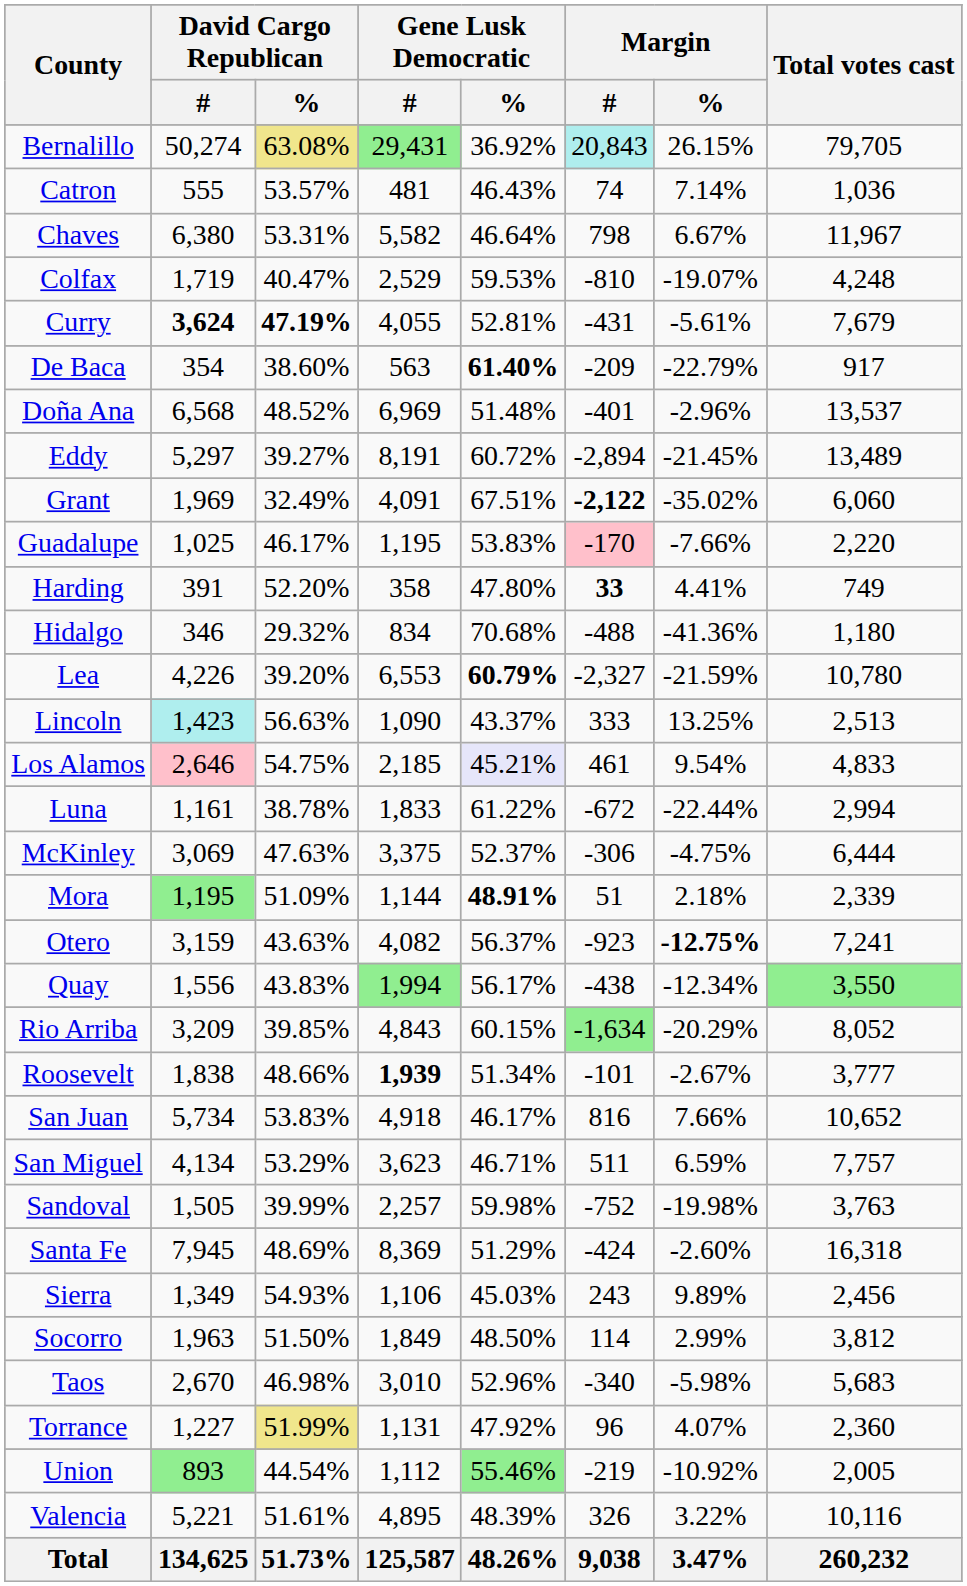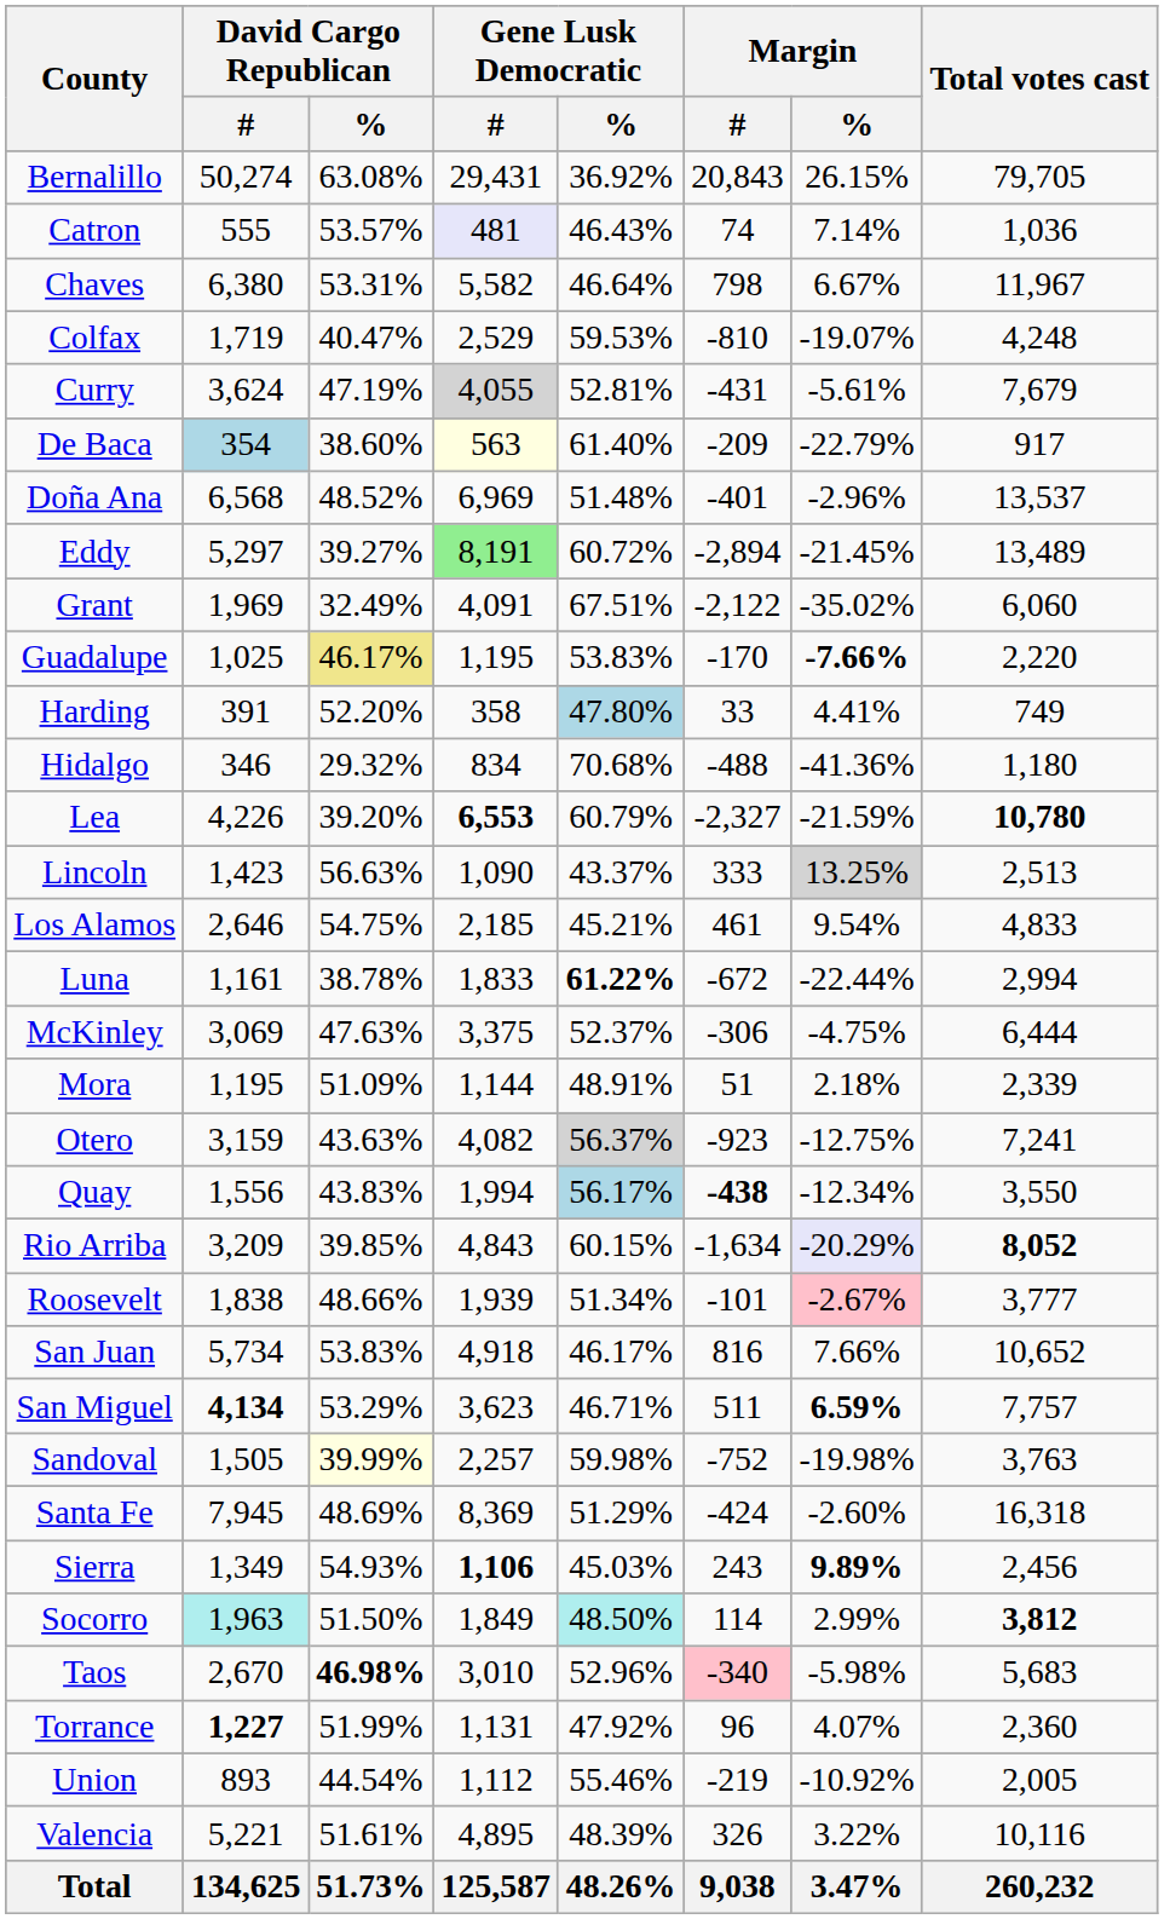 <table class="wikitable sortable" style="text-align:center">
 <tr>
 <th style="text-align:center;" rowspan="2">County</th>
 <th style="text-align:center;" colspan="2">David Cargo<br>Republican</th>
 <th style="text-align:center;" colspan="2">Gene Lusk<br>Democratic</th>
 <th style="text-align:center;" colspan="2">Margin</th>
 <th style="text-align:center;" rowspan="2">Total votes cast</th>
 </tr>
 <tr>
 <th style="text-align:center;" data-sort-type="number">#</th>
 <th style="text-align:center;" data-sort-type="number">%</th>
 <th style="text-align:center;" data-sort-type="number">#</th>
 <th style="text-align:center;" data-sort-type="number">%</th>
 <th style="text-align:center;" data-sort-type="number">#</th>
 <th style="text-align:center;" data-sort-type="number">%</th>
 </tr>
 <tr style="text-align:center;">
 <td><a href='#'>Bernalillo</a></td>
 <td>50,274</td>
-<td style="background: khaki;">63.08%</td>
-<td style="background: lightgreen;">29,431</td>
+<td>63.08%</td>
+<td>29,431</td>
 <td>36.92%</td>
-<td style="background: paleturquoise;">20,843</td>
+<td>20,843</td>
 <td>26.15%</td>
 <td>79,705</td>
 </tr>
 <tr style="text-align:center;">
 <td><a href='#'>Catron</a></td>
 <td>555</td>
 <td>53.57%</td>
-<td>481</td>
+<td style="background: lavender;">481</td>
 <td>46.43%</td>
 <td>74</td>
 <td>7.14%</td>
 <td>1,036</td>
 </tr>
 <tr style="text-align:center;">
 <td><a href='#'>Chaves</a></td>
 <td>6,380</td>
 <td>53.31%</td>
 <td>5,582</td>
 <td>46.64%</td>
 <td>798</td>
 <td>6.67%</td>
 <td>11,967</td>
 </tr>
 <tr style="text-align:center;">
 <td><a href='#'>Colfax</a></td>
 <td>1,719</td>
 <td>40.47%</td>
 <td>2,529</td>
 <td>59.53%</td>
 <td>-810</td>
 <td>-19.07%</td>
 <td>4,248</td>
 </tr>
 <tr style="text-align:center;">
 <td><a href='#'>Curry</a></td>
-<td><strong>3,624</strong></td>
-<td><strong>47.19%</strong></td>
-<td>4,055</td>
+<td>3,624</td>
+<td>47.19%</td>
+<td style="background: lightgrey;">4,055</td>
 <td>52.81%</td>
 <td>-431</td>
 <td>-5.61%</td>
 <td>7,679</td>
 </tr>
 <tr style="text-align:center;">
 <td><a href='#'>De Baca</a></td>
-<td>354</td>
+<td style="background: lightblue;">354</td>
 <td>38.60%</td>
-<td>563</td>
-<td><strong>61.40%</strong></td>
+<td style="background: lightyellow;">563</td>
+<td>61.40%</td>
 <td>-209</td>
 <td>-22.79%</td>
 <td>917</td>
 </tr>
 <tr style="text-align:center;">
 <td><a href='#'>Doña Ana</a></td>
 <td>6,568</td>
 <td>48.52%</td>
 <td>6,969</td>
 <td>51.48%</td>
 <td>-401</td>
 <td>-2.96%</td>
 <td>13,537</td>
 </tr>
 <tr style="text-align:center;">
 <td><a href='#'>Eddy</a></td>
 <td>5,297</td>
 <td>39.27%</td>
-<td>8,191</td>
+<td style="background: lightgreen;">8,191</td>
 <td>60.72%</td>
 <td>-2,894</td>
 <td>-21.45%</td>
 <td>13,489</td>
 </tr>
 <tr style="text-align:center;">
 <td><a href='#'>Grant</a></td>
 <td>1,969</td>
 <td>32.49%</td>
 <td>4,091</td>
 <td>67.51%</td>
-<td><strong>-2,122</strong></td>
+<td>-2,122</td>
 <td>-35.02%</td>
 <td>6,060</td>
 </tr>
 <tr style="text-align:center;">
 <td><a href='#'>Guadalupe</a></td>
 <td>1,025</td>
-<td>46.17%</td>
+<td style="background: khaki;">46.17%</td>
 <td>1,195</td>
 <td>53.83%</td>
-<td style="background: pink;">-170</td>
-<td>-7.66%</td>
+<td>-170</td>
+<td><strong>-7.66%</strong></td>
 <td>2,220</td>
 </tr>
 <tr style="text-align:center;">
 <td><a href='#'>Harding</a></td>
 <td>391</td>
 <td>52.20%</td>
 <td>358</td>
-<td>47.80%</td>
-<td><strong>33</strong></td>
+<td style="background: lightblue;">47.80%</td>
+<td>33</td>
 <td>4.41%</td>
 <td>749</td>
 </tr>
 <tr style="text-align:center;">
 <td><a href='#'>Hidalgo</a></td>
 <td>346</td>
 <td>29.32%</td>
 <td>834</td>
 <td>70.68%</td>
 <td>-488</td>
 <td>-41.36%</td>
 <td>1,180</td>
 </tr>
 <tr style="text-align:center;">
 <td><a href='#'>Lea</a></td>
 <td>4,226</td>
 <td>39.20%</td>
-<td>6,553</td>
-<td><strong>60.79%</strong></td>
+<td><strong>6,553</strong></td>
+<td>60.79%</td>
 <td>-2,327</td>
 <td>-21.59%</td>
-<td>10,780</td>
+<td><strong>10,780</strong></td>
 </tr>
 <tr style="text-align:center;">
 <td><a href='#'>Lincoln</a></td>
-<td style="background: paleturquoise;">1,423</td>
+<td>1,423</td>
 <td>56.63%</td>
 <td>1,090</td>
 <td>43.37%</td>
 <td>333</td>
-<td>13.25%</td>
+<td style="background: lightgrey;">13.25%</td>
 <td>2,513</td>
 </tr>
 <tr style="text-align:center;">
 <td><a href='#'>Los Alamos</a></td>
-<td style="background: pink;">2,646</td>
+<td>2,646</td>
 <td>54.75%</td>
 <td>2,185</td>
-<td style="background: lavender;">45.21%</td>
+<td>45.21%</td>
 <td>461</td>
 <td>9.54%</td>
 <td>4,833</td>
 </tr>
 <tr style="text-align:center;">
 <td><a href='#'>Luna</a></td>
 <td>1,161</td>
 <td>38.78%</td>
 <td>1,833</td>
-<td>61.22%</td>
+<td><strong>61.22%</strong></td>
 <td>-672</td>
 <td>-22.44%</td>
 <td>2,994</td>
 </tr>
 <tr style="text-align:center;">
 <td><a href='#'>McKinley</a></td>
 <td>3,069</td>
 <td>47.63%</td>
 <td>3,375</td>
 <td>52.37%</td>
 <td>-306</td>
 <td>-4.75%</td>
 <td>6,444</td>
 </tr>
 <tr style="text-align:center;">
 <td><a href='#'>Mora</a></td>
-<td style="background: lightgreen;">1,195</td>
+<td>1,195</td>
 <td>51.09%</td>
 <td>1,144</td>
-<td><strong>48.91%</strong></td>
+<td>48.91%</td>
 <td>51</td>
 <td>2.18%</td>
 <td>2,339</td>
 </tr>
 <tr style="text-align:center;">
 <td><a href='#'>Otero</a></td>
 <td>3,159</td>
 <td>43.63%</td>
 <td>4,082</td>
-<td>56.37%</td>
+<td style="background: lightgrey;">56.37%</td>
 <td>-923</td>
-<td><strong>-12.75%</strong></td>
+<td>-12.75%</td>
 <td>7,241</td>
 </tr>
 <tr style="text-align:center;">
 <td><a href='#'>Quay</a></td>
 <td>1,556</td>
 <td>43.83%</td>
-<td style="background: lightgreen;">1,994</td>
-<td>56.17%</td>
-<td>-438</td>
+<td>1,994</td>
+<td style="background: lightblue;">56.17%</td>
+<td><strong>-438</strong></td>
 <td>-12.34%</td>
-<td style="background: lightgreen;">3,550</td>
+<td>3,550</td>
 </tr>
 <tr style="text-align:center;">
 <td><a href='#'>Rio Arriba</a></td>
 <td>3,209</td>
 <td>39.85%</td>
 <td>4,843</td>
 <td>60.15%</td>
-<td style="background: lightgreen;">-1,634</td>
-<td>-20.29%</td>
-<td>8,052</td>
+<td>-1,634</td>
+<td style="background: lavender;">-20.29%</td>
+<td><strong>8,052</strong></td>
 </tr>
 <tr style="text-align:center;">
 <td><a href='#'>Roosevelt</a></td>
 <td>1,838</td>
 <td>48.66%</td>
-<td><strong>1,939</strong></td>
+<td>1,939</td>
 <td>51.34%</td>
 <td>-101</td>
-<td>-2.67%</td>
+<td style="background: pink;">-2.67%</td>
 <td>3,777</td>
 </tr>
 <tr style="text-align:center;">
 <td><a href='#'>San Juan</a></td>
 <td>5,734</td>
 <td>53.83%</td>
 <td>4,918</td>
 <td>46.17%</td>
 <td>816</td>
 <td>7.66%</td>
 <td>10,652</td>
 </tr>
 <tr style="text-align:center;">
 <td><a href='#'>San Miguel</a></td>
-<td>4,134</td>
+<td><strong>4,134</strong></td>
 <td>53.29%</td>
 <td>3,623</td>
 <td>46.71%</td>
 <td>511</td>
-<td>6.59%</td>
+<td><strong>6.59%</strong></td>
 <td>7,757</td>
 </tr>
 <tr style="text-align:center;">
 <td><a href='#'>Sandoval</a></td>
 <td>1,505</td>
-<td>39.99%</td>
+<td style="background: lightyellow;">39.99%</td>
 <td>2,257</td>
 <td>59.98%</td>
 <td>-752</td>
 <td>-19.98%</td>
 <td>3,763</td>
 </tr>
 <tr style="text-align:center;">
 <td><a href='#'>Santa Fe</a></td>
 <td>7,945</td>
 <td>48.69%</td>
 <td>8,369</td>
 <td>51.29%</td>
 <td>-424</td>
 <td>-2.60%</td>
 <td>16,318</td>
 </tr>
 <tr style="text-align:center;">
 <td><a href='#'>Sierra</a></td>
 <td>1,349</td>
 <td>54.93%</td>
-<td>1,106</td>
+<td><strong>1,106</strong></td>
 <td>45.03%</td>
 <td>243</td>
-<td>9.89%</td>
+<td><strong>9.89%</strong></td>
 <td>2,456</td>
 </tr>
 <tr style="text-align:center;">
 <td><a href='#'>Socorro</a></td>
-<td>1,963</td>
+<td style="background: paleturquoise;">1,963</td>
 <td>51.50%</td>
 <td>1,849</td>
-<td>48.50%</td>
+<td style="background: paleturquoise;">48.50%</td>
 <td>114</td>
 <td>2.99%</td>
-<td>3,812</td>
+<td><strong>3,812</strong></td>
 </tr>
 <tr style="text-align:center;">
 <td><a href='#'>Taos</a></td>
 <td>2,670</td>
-<td>46.98%</td>
+<td><strong>46.98%</strong></td>
 <td>3,010</td>
 <td>52.96%</td>
-<td>-340</td>
+<td style="background: pink;">-340</td>
 <td>-5.98%</td>
 <td>5,683</td>
 </tr>
 <tr style="text-align:center;">
 <td><a href='#'>Torrance</a></td>
-<td>1,227</td>
-<td style="background: khaki;">51.99%</td>
+<td><strong>1,227</strong></td>
+<td>51.99%</td>
 <td>1,131</td>
 <td>47.92%</td>
 <td>96</td>
 <td>4.07%</td>
 <td>2,360</td>
 </tr>
 <tr style="text-align:center;">
 <td><a href='#'>Union</a></td>
-<td style="background: lightgreen;">893</td>
+<td>893</td>
 <td>44.54%</td>
 <td>1,112</td>
-<td style="background: lightgreen;">55.46%</td>
+<td>55.46%</td>
 <td>-219</td>
 <td>-10.92%</td>
 <td>2,005</td>
 </tr>
 <tr style="text-align:center;">
 <td><a href='#'>Valencia</a></td>
 <td>5,221</td>
 <td>51.61%</td>
 <td>4,895</td>
 <td>48.39%</td>
 <td>326</td>
 <td>3.22%</td>
 <td>10,116</td>
 </tr>
 <tr style="text-align:center;">
 <th>Total</th>
 <th>134,625</th>
 <th>51.73%</th>
 <th>125,587</th>
 <th>48.26%</th>
 <th>9,038</th>
 <th>3.47%</th>
 <th>260,232</th>
 </tr>
 </table>
